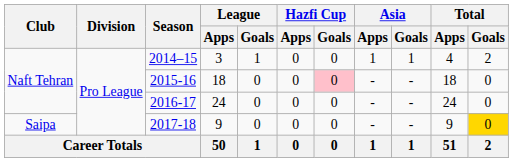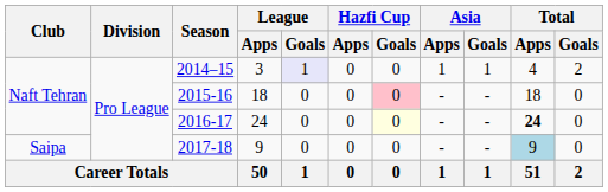 <table class="wikitable" style="text-align: center;">
 <tr>
 <th rowspan="2">Club</th>
 <th rowspan="2">Division</th>
 <th rowspan="2">Season</th>
 <th colspan="2">League</th>
 <th colspan="2"><a href='#'>Hazfi Cup</a></th>
 <th colspan="2"><a href='#'>Asia</a></th>
 <th colspan="2">Total</th>
 </tr>
 <tr>
 <th>Apps</th>
 <th>Goals</th>
 <th>Apps</th>
 <th>Goals</th>
 <th>Apps</th>
 <th>Goals</th>
 <th>Apps</th>
 <th>Goals</th>
 </tr>
 <tr>
 <td rowspan="3"><a href='#'>Naft Tehran</a></td>
 <td rowspan="4"><a href='#'>Pro League</a></td>
 <td><a href='#'>2014–15</a></td>
 <td>3</td>
-<td>1</td>
+<td style="background: lavender;">1</td>
 <td>0</td>
 <td>0</td>
 <td>1</td>
 <td>1</td>
 <td>4</td>
 <td>2</td>
 </tr>
 <tr>
 <td><a href='#'>2015-16</a></td>
 <td>18</td>
 <td>0</td>
 <td>0</td>
 <td style="background: pink;">0</td>
 <td>-</td>
 <td>-</td>
 <td>18</td>
 <td>0</td>
 </tr>
 <tr>
 <td><a href='#'>2016-17</a></td>
 <td>24</td>
 <td>0</td>
 <td>0</td>
-<td>0</td>
+<td style="background: lightyellow;">0</td>
 <td>-</td>
 <td>-</td>
-<td>24</td>
+<td><strong>24</strong></td>
 <td>0</td>
 </tr>
 <tr>
 <td><a href='#'>Saipa</a></td>
 <td><a href='#'>2017-18</a></td>
 <td>9</td>
 <td>0</td>
 <td>0</td>
 <td>0</td>
 <td>-</td>
 <td>-</td>
-<td>9</td>
-<td style="background: gold;">0</td>
+<td style="background: lightblue;">9</td>
+<td>0</td>
 </tr>
 <tr>
 <th colspan="3">Career Totals</th>
 <th>50</th>
 <th>1</th>
 <th>0</th>
 <th>0</th>
 <th>1</th>
 <th>1</th>
 <th>51</th>
 <th>2</th>
 </tr>
 </table>
